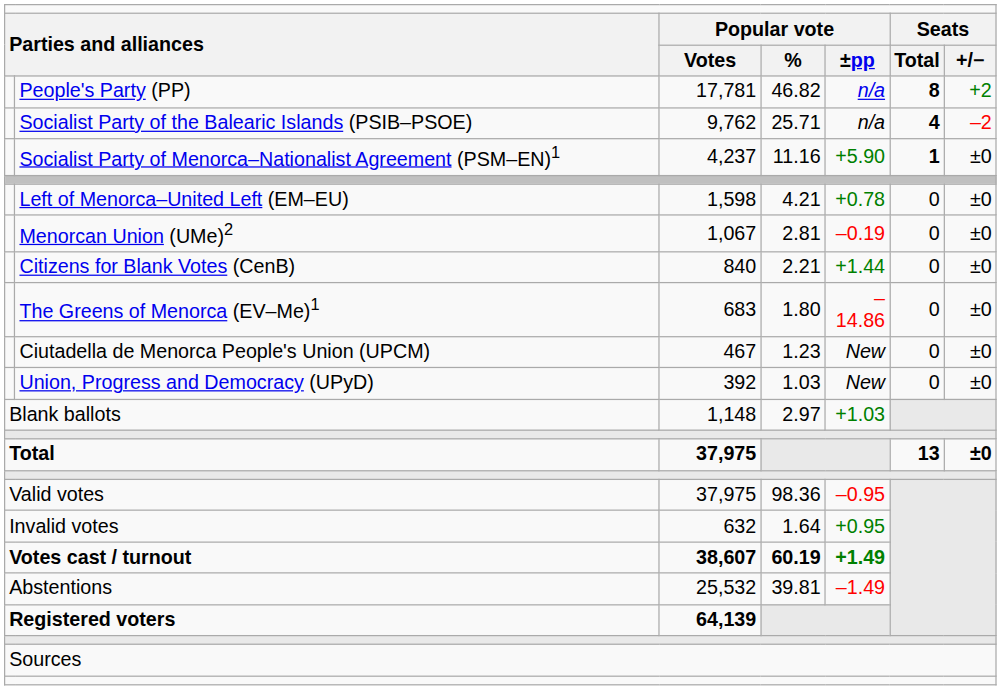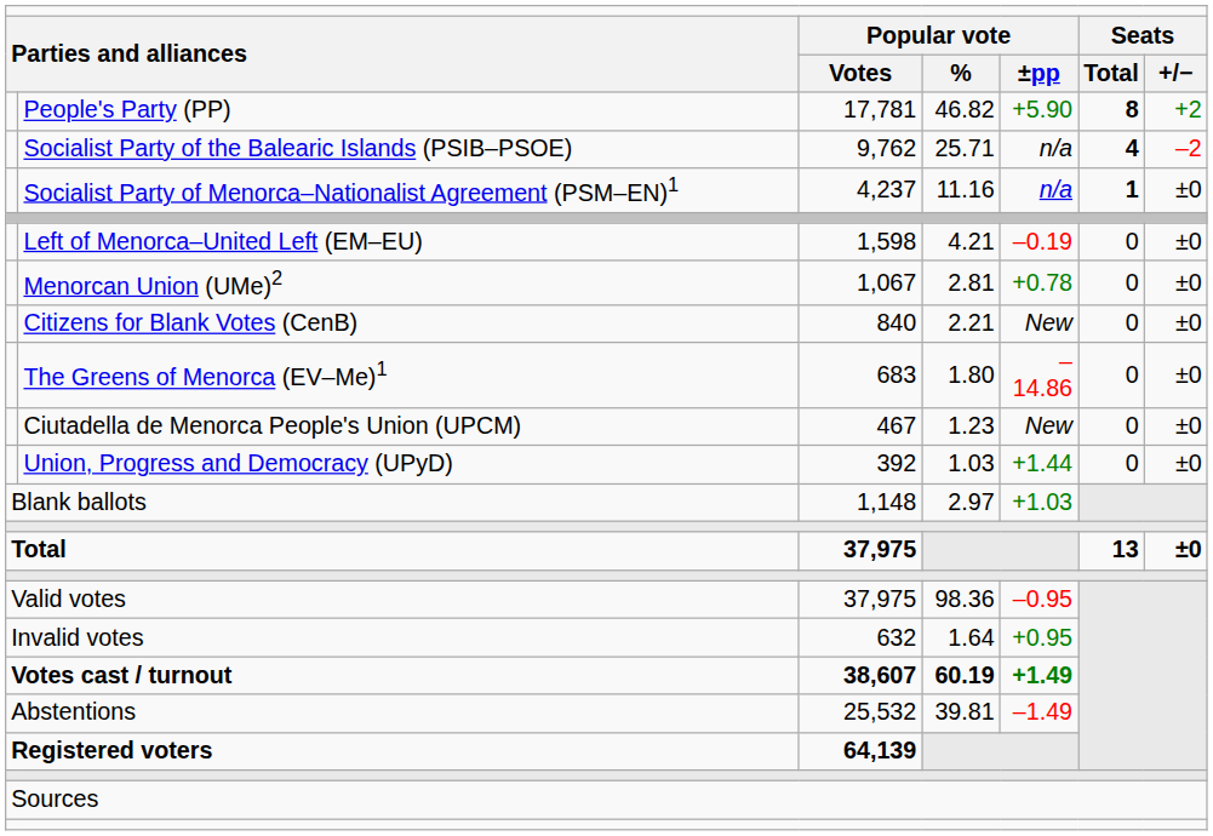 <table class="wikitable" style="text-align:right;">
 <tr>
 <td colspan="7"></td>
 </tr>
 <tr>
 <th style="text-align:left;" rowspan="2" colspan="2" width="525">Parties and alliances</th>
 <th colspan="3">Popular vote</th>
 <th colspan="2">Seats</th>
 </tr>
 <tr>
 <th width="75">Votes</th>
 <th width="45">%</th>
 <th width="45">±<a href='#'>pp</a></th>
 <th width="35">Total</th>
 <th width="35">+/−</th>
 </tr>
 <tr>
 <td width="1" style="color:inherit;background:"></td>
 <td align="left"><a href='#'>People's Party</a> (PP)</td>
 <td>17,781</td>
 <td>46.82</td>
-<td><em><a href='#'>n/a</a></em></td>
+<td style="color:green;">+5.90</td>
 <td><strong>8</strong></td>
 <td style="color:green;">+2</td>
 </tr>
 <tr>
 <td style="color:inherit;background:"></td>
 <td align="left"><a href='#'>Socialist Party of the Balearic Islands</a> (PSIB–PSOE)</td>
 <td>9,762</td>
 <td>25.71</td>
 <td><em>n/a</em></td>
 <td><strong>4</strong></td>
 <td style="color:red;">–2</td>
 </tr>
 <tr>
 <td style="color:inherit;background:"></td>
 <td align="left"><a href='#'>Socialist Party of Menorca–Nationalist Agreement</a> (PSM–EN)<sup>1</sup></td>
 <td>4,237</td>
 <td>11.16</td>
-<td style="color:green;">+5.90</td>
+<td><em><a href='#'>n/a</a></em></td>
 <td><strong>1</strong></td>
 <td>±0</td>
 </tr>
 <tr>
 <td colspan="7" bgcolor="#C0C0C0"></td>
 </tr>
 <tr>
 <td style="color:inherit;background:"></td>
 <td align="left"><a href='#'>Left of Menorca–United Left</a> (EM–EU)</td>
 <td>1,598</td>
 <td>4.21</td>
-<td style="color:green;">+0.78</td>
+<td style="color:red;">–0.19</td>
 <td>0</td>
 <td>±0</td>
 </tr>
 <tr>
 <td style="color:inherit;background:"></td>
 <td align="left"><a href='#'>Menorcan Union</a> (UMe)<sup>2</sup></td>
 <td>1,067</td>
 <td>2.81</td>
-<td style="color:red;">–0.19</td>
+<td style="color:green;">+0.78</td>
 <td>0</td>
 <td>±0</td>
 </tr>
 <tr>
 <td style="color:inherit;background:"></td>
 <td align="left"><a href='#'>Citizens for Blank Votes</a> (CenB)</td>
 <td>840</td>
 <td>2.21</td>
-<td style="color:green;">+1.44</td>
+<td><em>New</em></td>
 <td>0</td>
 <td>±0</td>
 </tr>
 <tr>
 <td style="color:inherit;background:"></td>
 <td align="left"><a href='#'>The Greens of Menorca</a> (EV–Me)<sup>1</sup></td>
 <td>683</td>
 <td>1.80</td>
 <td style="color:red;">–14.86</td>
 <td>0</td>
 <td>±0</td>
 </tr>
 <tr>
 <td style="color:inherit;background:"></td>
 <td align="left">Ciutadella de Menorca People's Union (UPCM)</td>
 <td>467</td>
 <td>1.23</td>
 <td><em>New</em></td>
 <td>0</td>
 <td>±0</td>
 </tr>
 <tr>
 <td style="color:inherit;background:"></td>
 <td align="left"><a href='#'>Union, Progress and Democracy</a> (UPyD)</td>
 <td>392</td>
 <td>1.03</td>
-<td><em>New</em></td>
+<td style="color:green;">+1.44</td>
 <td>0</td>
 <td>±0</td>
 </tr>
 <tr>
 <td align="left" colspan="2">Blank ballots</td>
 <td>1,148</td>
 <td>2.97</td>
 <td style="color:green;">+1.03</td>
 <td bgcolor="#E9E9E9" colspan="2"></td>
 </tr>
 <tr>
 <td colspan="7" bgcolor="#E9E9E9"></td>
 </tr>
 <tr style="font-weight:bold;">
 <td align="left" colspan="2">Total</td>
 <td>37,975</td>
 <td bgcolor="#E9E9E9" colspan="2"></td>
 <td>13</td>
 <td>±0</td>
 </tr>
 <tr>
 <td colspan="7" bgcolor="#E9E9E9"></td>
 </tr>
 <tr>
 <td align="left" colspan="2">Valid votes</td>
 <td>37,975</td>
 <td>98.36</td>
 <td style="color:red;">–0.95</td>
 <td bgcolor="#E9E9E9" colspan="2" rowspan="5"></td>
 </tr>
 <tr>
 <td align="left" colspan="2">Invalid votes</td>
 <td>632</td>
 <td>1.64</td>
 <td style="color:green;">+0.95</td>
 </tr>
 <tr style="font-weight:bold;">
 <td align="left" colspan="2">Votes cast / turnout</td>
 <td>38,607</td>
 <td>60.19</td>
 <td style="color:green;">+1.49</td>
 </tr>
 <tr>
 <td align="left" colspan="2">Abstentions</td>
 <td>25,532</td>
 <td>39.81</td>
 <td style="color:red;">–1.49</td>
 </tr>
 <tr style="font-weight:bold;">
 <td align="left" colspan="2">Registered voters</td>
 <td>64,139</td>
 <td bgcolor="#E9E9E9" colspan="2"></td>
 </tr>
 <tr>
 <td colspan="7" bgcolor="#E9E9E9"></td>
 </tr>
 <tr>
 <td align="left" colspan="7">Sources</td>
 </tr>
 <tr>
 <td colspan="7" style="text-align:left; max-width:790px;"></td>
 </tr>
 </table>
